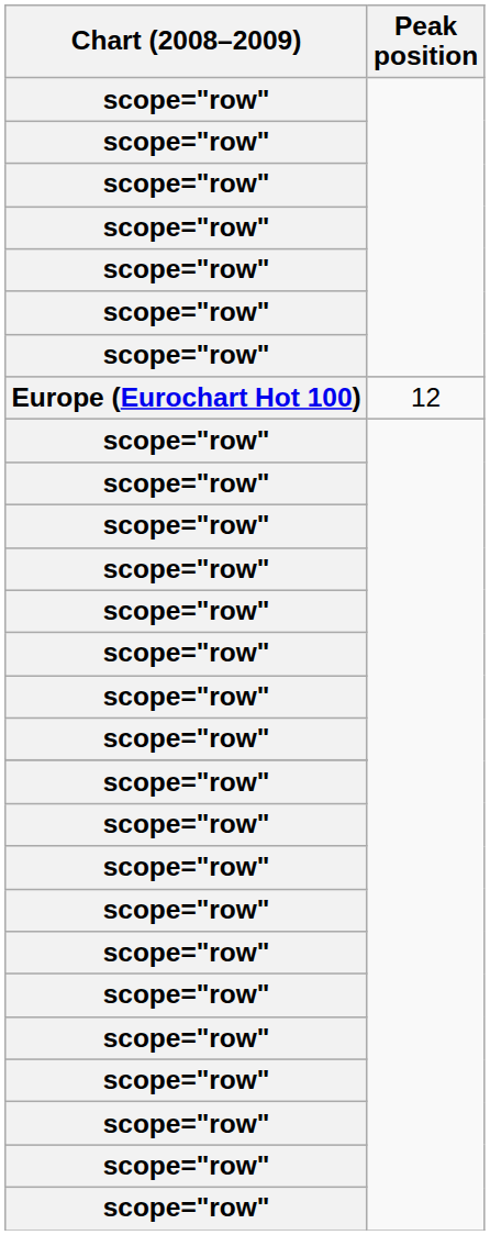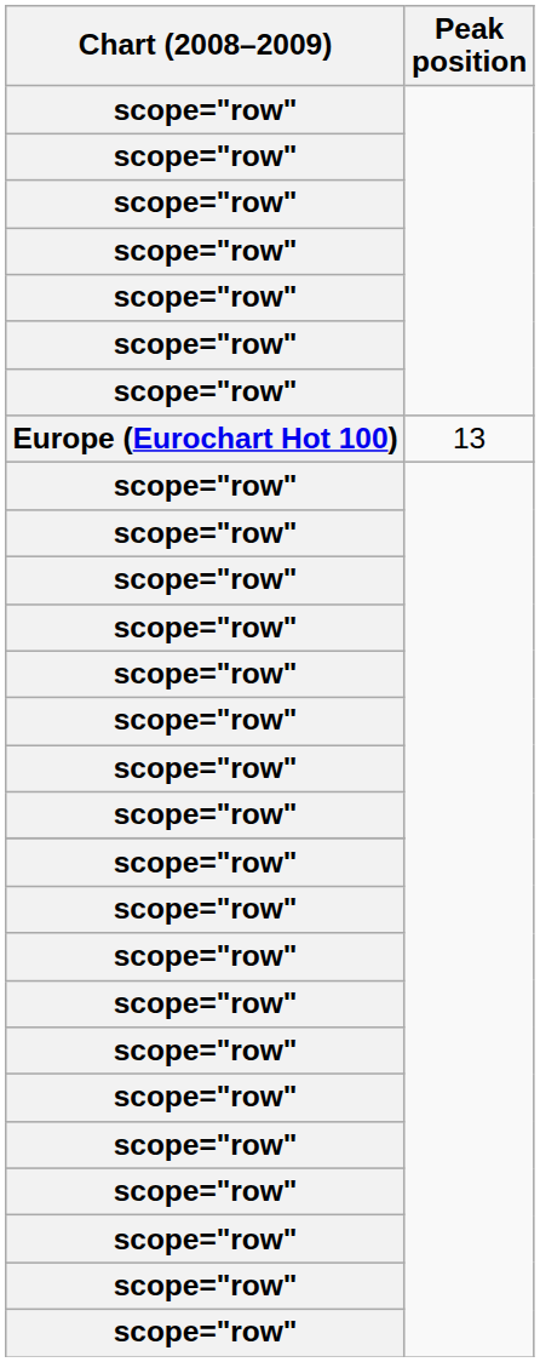 <table class="wikitable sortable plainrowheaders" style="text-align:center">
 <tr>
 <th scope="col">Chart (2008–2009)</th>
 <th scope="col">Peak<br>position</th>
 </tr>
 <tr>
 <th>scope="row" </th>
 </tr>
 <tr>
 <th>scope="row" </th>
 </tr>
 <tr>
 <th>scope="row" </th>
 </tr>
 <tr>
 <th>scope="row" </th>
 </tr>
 <tr>
 <th>scope="row" </th>
 </tr>
 <tr>
 <th>scope="row" </th>
 </tr>
 <tr>
 <th>scope="row" </th>
 </tr>
 <tr>
 <th scope="row">Europe (<a href='#'>Eurochart Hot 100</a>)</th>
-<td>12</td>
+<td>13</td>
 </tr>
 <tr>
 <th>scope="row" </th>
 </tr>
 <tr>
 <th>scope="row" </th>
 </tr>
 <tr>
 <th>scope="row" </th>
 </tr>
 <tr>
 <th>scope="row" </th>
 </tr>
 <tr>
 <th>scope="row" </th>
 </tr>
 <tr>
 <th>scope="row" </th>
 </tr>
 <tr>
 <th>scope="row" </th>
 </tr>
 <tr>
 <th>scope="row" </th>
 </tr>
 <tr>
 </tr>
 <tr>
 <th>scope="row" </th>
 </tr>
 <tr>
 <th>scope="row" </th>
 </tr>
 <tr>
 <th>scope="row" </th>
 </tr>
 <tr>
 <th>scope="row" </th>
 </tr>
 <tr>
 <th>scope="row" </th>
 </tr>
 <tr>
 <th>scope="row" </th>
 </tr>
 <tr>
 <th>scope="row" </th>
 </tr>
 <tr>
 <th>scope="row" </th>
 </tr>
 <tr>
 <th>scope="row" </th>
 </tr>
 <tr>
 <th>scope="row" </th>
 </tr>
 <tr>
 <th>scope="row" </th>
 </tr>
 </table>
